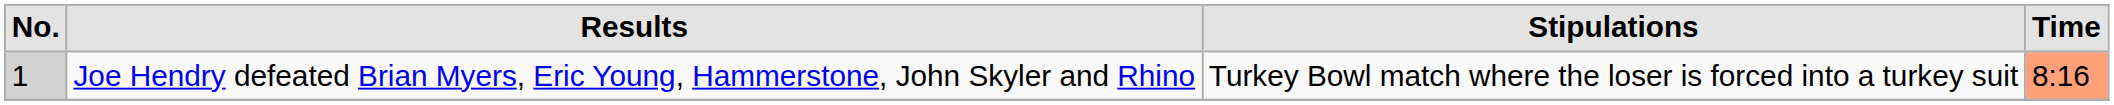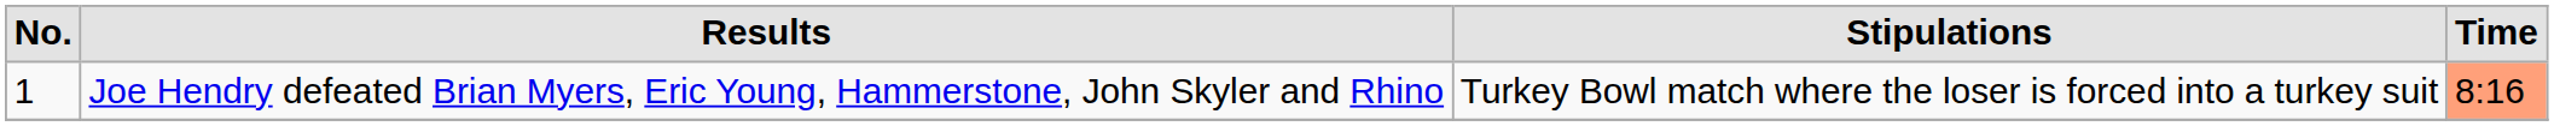 <table style="font-size: 100%; text-align: left;" class="wikitable">
 <tr>
 <th style="border-style: none none solid solid; background: #e3e3e3;"><strong>No.</strong></th>
 <th style="border-style: none none solid solid; background: #e3e3e3;"><strong>Results</strong></th>
 <th style="border-style: none none solid solid; background: #e3e3e3;"><strong>Stipulations</strong></th>
 <th style="border-style: none none solid solid; background: #e3e3e3;"><strong>Time</strong></th>
 </tr>
 <tr>
-<td style="background: lightgrey;">1</td>
+<td>1</td>
 <td><a href='#'>Joe Hendry</a> defeated <a href='#'>Brian Myers</a>, <a href='#'>Eric Young</a>, <a href='#'>Hammerstone</a>, John Skyler and <a href='#'>Rhino</a></td>
 <td>Turkey Bowl match where the loser is forced into a turkey suit</td>
 <td style="background: lightsalmon;">8:16</td>
 </tr>
 <tr>
 </tr>
 </table>
